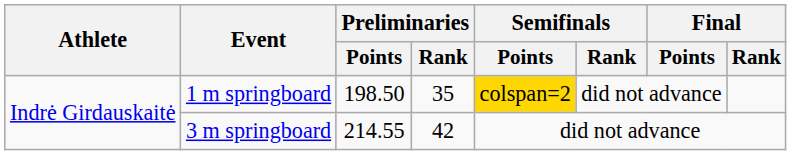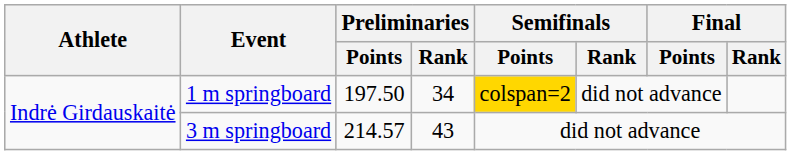 <table class=wikitable style="font-size:90%;">
 <tr>
 <th rowspan="2">Athlete</th>
 <th rowspan="2">Event</th>
 <th colspan="2">Preliminaries</th>
 <th colspan="2">Semifinals</th>
 <th colspan="2">Final</th>
 </tr>
 <tr style="font-size:95%">
 <th>Points</th>
 <th>Rank</th>
 <th>Points</th>
 <th>Rank</th>
 <th>Points</th>
 <th>Rank</th>
 </tr>
 <tr align=center>
 <td align=left rowspan=2><a href='#'>Indrė Girdauskaitė</a></td>
 <td align=left><a href='#'>1 m springboard</a></td>
-<td>198.50</td>
-<td>35</td>
+<td>197.50</td>
+<td>34</td>
 <td style="background: gold;">colspan=2 </td>
 <td colspan=2>did not advance</td>
 </tr>
 <tr align=center>
 <td align=left><a href='#'>3 m springboard</a></td>
-<td>214.55</td>
-<td>42</td>
+<td>214.57</td>
+<td>43</td>
 <td colspan=4>did not advance</td>
 </tr>
 </table>
